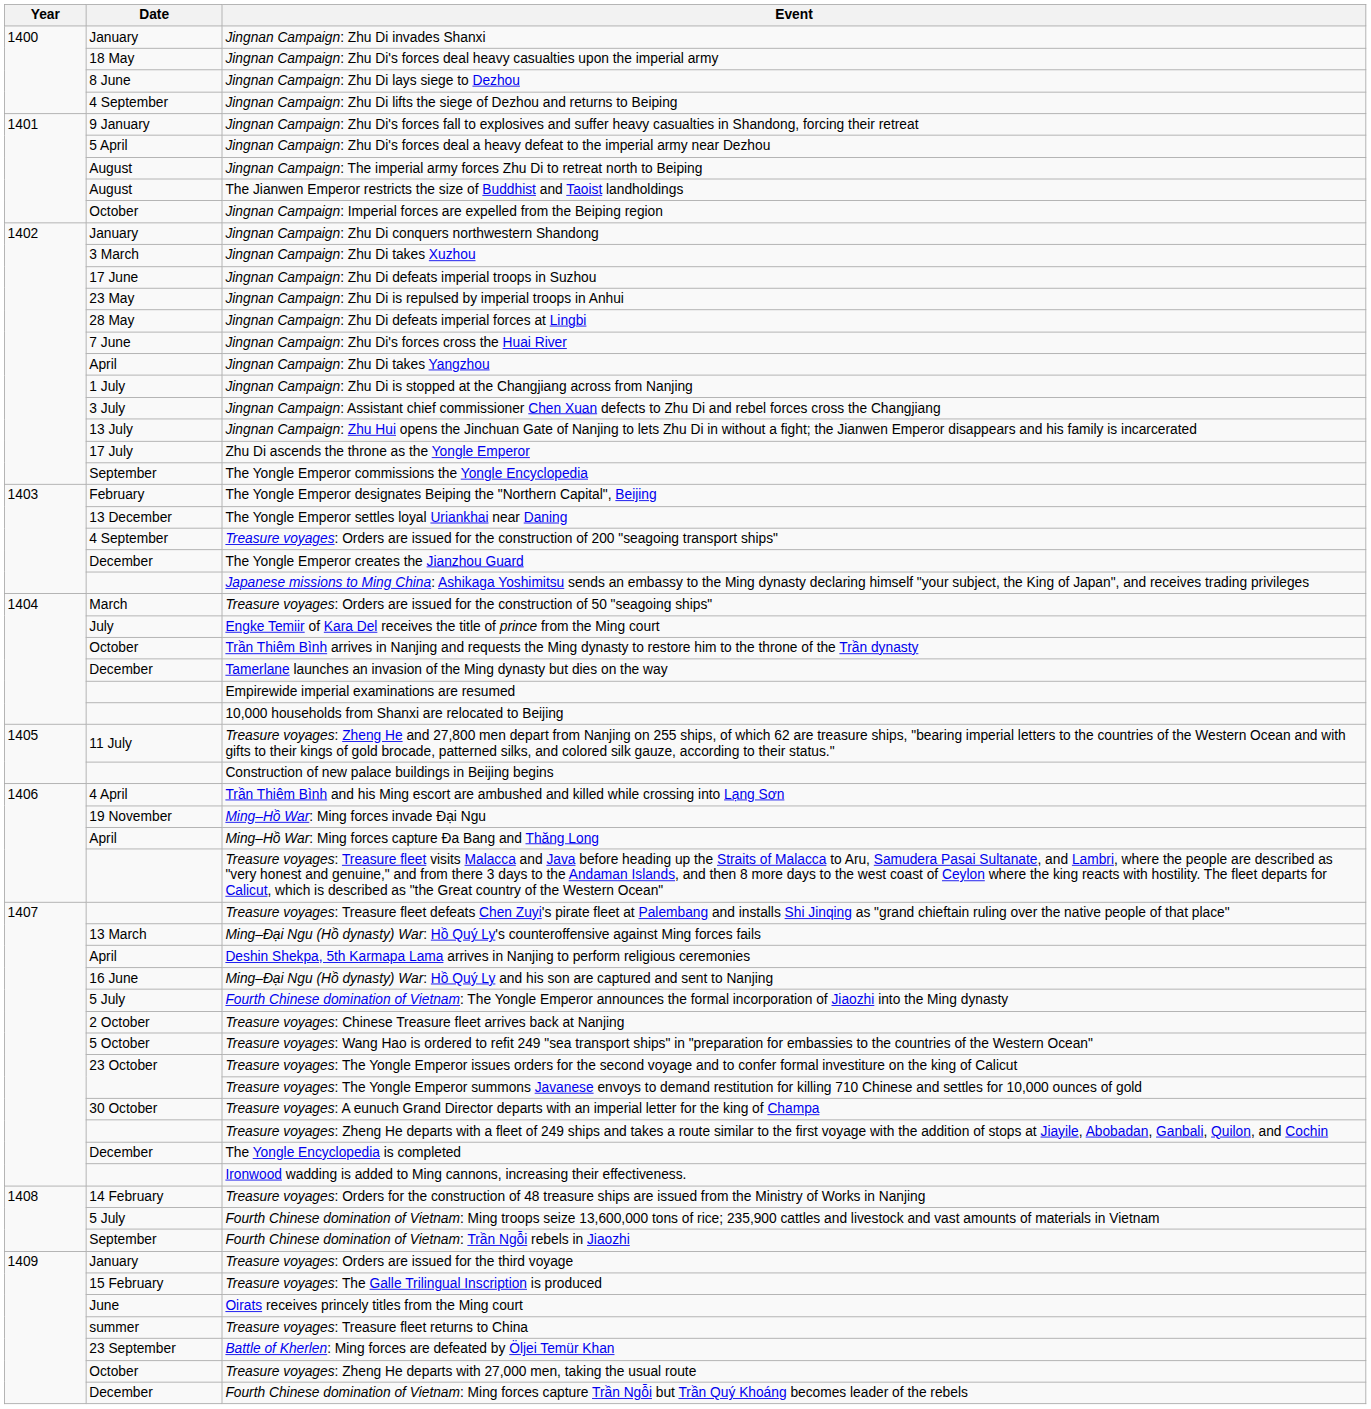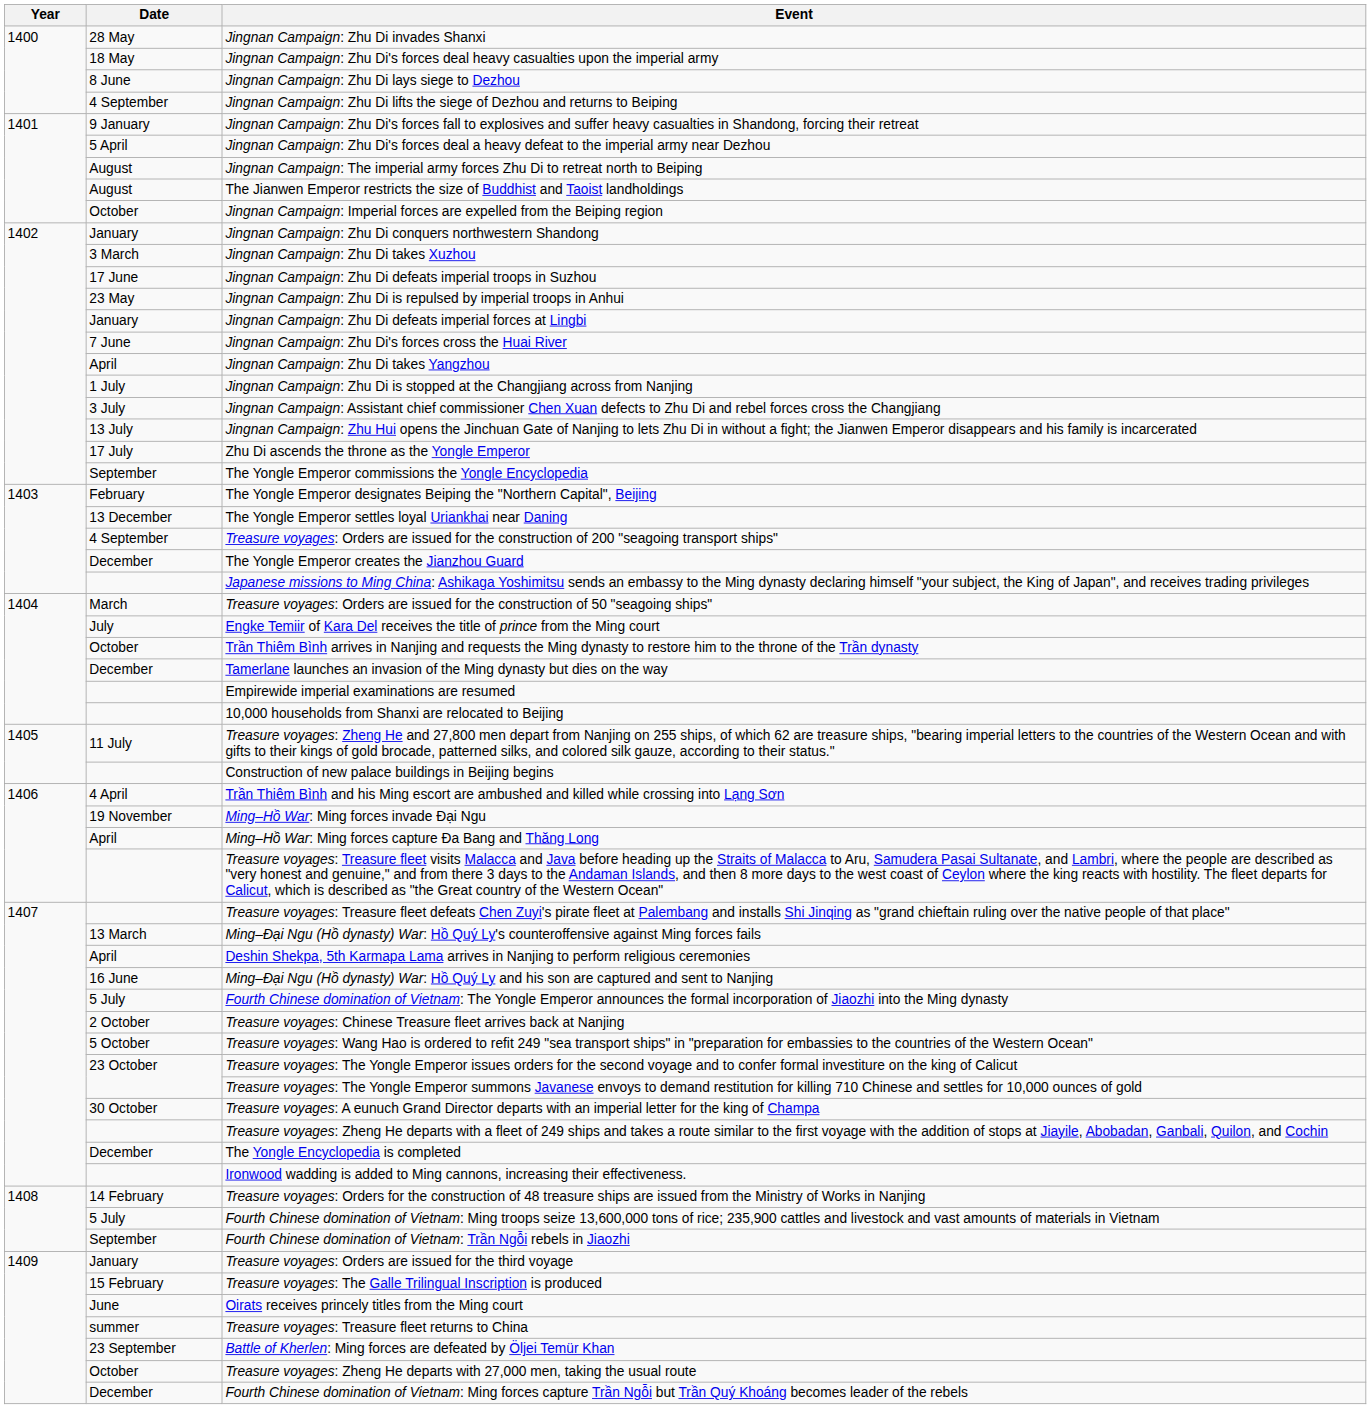 <table class="wikitable" width="100%">
 <tr>
 <th style="width:6%">Year</th>
 <th style="width:10%">Date</th>
 <th>Event</th>
 </tr>
 <tr>
 <td rowspan="4" valign="top">1400</td>
-<td>January</td>
+<td>28 May</td>
 <td><em>Jingnan Campaign</em>: Zhu Di invades Shanxi</td>
 </tr>
 <tr>
 <td>18 May</td>
 <td><em>Jingnan Campaign</em>: Zhu Di's forces deal heavy casualties upon the imperial army</td>
 </tr>
 <tr>
 <td>8 June</td>
 <td><em>Jingnan Campaign</em>: Zhu Di lays siege to <a href='#'>Dezhou</a></td>
 </tr>
 <tr>
 <td>4 September</td>
 <td><em>Jingnan Campaign</em>: Zhu Di lifts the siege of Dezhou and returns to Beiping</td>
 </tr>
 <tr>
 <td rowspan="5" valign="top">1401</td>
 <td>9 January</td>
 <td><em>Jingnan Campaign</em>: Zhu Di's forces fall to explosives and suffer heavy casualties in Shandong, forcing their retreat</td>
 </tr>
 <tr>
 <td>5 April</td>
 <td><em>Jingnan Campaign</em>: Zhu Di's forces deal a heavy defeat to the imperial army near Dezhou</td>
 </tr>
 <tr>
 <td>August</td>
 <td><em>Jingnan Campaign</em>: The imperial army forces Zhu Di to retreat north to Beiping</td>
 </tr>
 <tr>
 <td>August</td>
 <td>The Jianwen Emperor restricts the size of <a href='#'>Buddhist</a> and <a href='#'>Taoist</a> landholdings</td>
 </tr>
 <tr>
 <td>October</td>
 <td><em>Jingnan Campaign</em>: Imperial forces are expelled from the Beiping region</td>
 </tr>
 <tr>
 <td rowspan="12" valign="top">1402</td>
 <td>January</td>
 <td><em>Jingnan Campaign</em>: Zhu Di conquers northwestern Shandong</td>
 </tr>
 <tr>
 <td>3 March</td>
 <td><em>Jingnan Campaign</em>: Zhu Di takes <a href='#'>Xuzhou</a></td>
 </tr>
 <tr>
 <td>17 June</td>
 <td><em>Jingnan Campaign</em>: Zhu Di defeats imperial troops in Suzhou</td>
 </tr>
 <tr>
 <td>23 May</td>
 <td><em>Jingnan Campaign</em>: Zhu Di is repulsed by imperial troops in Anhui</td>
 </tr>
 <tr>
-<td>28 May</td>
+<td>January</td>
 <td><em>Jingnan Campaign</em>: Zhu Di defeats imperial forces at <a href='#'>Lingbi</a></td>
 </tr>
 <tr>
 <td>7 June</td>
 <td><em>Jingnan Campaign</em>: Zhu Di's forces cross the <a href='#'>Huai River</a></td>
 </tr>
 <tr>
 <td>April</td>
 <td><em>Jingnan Campaign</em>: Zhu Di takes <a href='#'>Yangzhou</a></td>
 </tr>
 <tr>
 <td>1 July</td>
 <td><em>Jingnan Campaign</em>: Zhu Di is stopped at the Changjiang across from Nanjing</td>
 </tr>
 <tr>
 <td>3 July</td>
 <td><em>Jingnan Campaign</em>: Assistant chief commissioner <a href='#'>Chen Xuan</a> defects to Zhu Di and rebel forces cross the Changjiang</td>
 </tr>
 <tr>
 <td>13 July</td>
 <td><em>Jingnan Campaign</em>: <a href='#'>Zhu Hui</a> opens the Jinchuan Gate of Nanjing to lets Zhu Di in without a fight; the Jianwen Emperor disappears and his family is incarcerated</td>
 </tr>
 <tr>
 <td>17 July</td>
 <td>Zhu Di ascends the throne as the <a href='#'>Yongle Emperor</a></td>
 </tr>
 <tr>
 <td>September</td>
 <td>The Yongle Emperor commissions the <a href='#'>Yongle Encyclopedia</a></td>
 </tr>
 <tr>
 <td rowspan="5" valign="top">1403</td>
 <td>February</td>
 <td>The Yongle Emperor designates Beiping the "Northern Capital", <a href='#'>Beijing</a></td>
 </tr>
 <tr>
 <td>13 December</td>
 <td>The Yongle Emperor settles loyal <a href='#'>Uriankhai</a> near <a href='#'>Daning</a></td>
 </tr>
 <tr>
 <td>4 September</td>
 <td><em><a href='#'>Treasure voyages</a></em>: Orders are issued for the construction of 200 "seagoing transport ships"</td>
 </tr>
 <tr>
 <td>December</td>
 <td>The Yongle Emperor creates the <a href='#'>Jianzhou Guard</a></td>
 </tr>
 <tr>
 <td></td>
 <td><em><a href='#'>Japanese missions to Ming China</a></em>: <a href='#'>Ashikaga Yoshimitsu</a> sends an embassy to the Ming dynasty declaring himself "your subject, the King of Japan", and receives trading privileges</td>
 </tr>
 <tr>
 <td rowspan="6" valign="top">1404</td>
 <td>March</td>
 <td><em>Treasure voyages</em>: Orders are issued for the construction of 50 "seagoing ships"</td>
 </tr>
 <tr>
 <td>July</td>
 <td><a href='#'>Engke Temiir</a> of <a href='#'>Kara Del</a> receives the title of <em>prince</em> from the Ming court</td>
 </tr>
 <tr>
 <td>October</td>
 <td><a href='#'>Trần Thiêm Bình</a> arrives in Nanjing and requests the Ming dynasty to restore him to the throne of the <a href='#'>Trần dynasty</a></td>
 </tr>
 <tr>
 <td>December</td>
 <td><a href='#'>Tamerlane</a> launches an invasion of the Ming dynasty but dies on the way</td>
 </tr>
 <tr>
 <td></td>
 <td>Empirewide imperial examinations are resumed</td>
 </tr>
 <tr>
 <td></td>
 <td>10,000 households from Shanxi are relocated to Beijing</td>
 </tr>
 <tr>
 <td rowspan="2" valign="top">1405</td>
 <td>11 July</td>
 <td><em>Treasure voyages</em>: <a href='#'>Zheng He</a> and 27,800 men depart from Nanjing on 255 ships, of which 62 are treasure ships, "bearing imperial letters to the countries of the Western Ocean and with gifts to their kings of gold brocade, patterned silks, and colored silk gauze, according to their status."</td>
 </tr>
 <tr>
 <td></td>
 <td>Construction of new palace buildings in Beijing begins</td>
 </tr>
 <tr>
 <td rowspan="4" valign="top">1406</td>
 <td>4 April</td>
 <td><a href='#'>Trần Thiêm Bình</a> and his Ming escort are ambushed and killed while crossing into <a href='#'>Lạng Sơn</a></td>
 </tr>
 <tr>
 <td>19 November</td>
 <td><em><a href='#'>Ming–Hồ War</a></em>: Ming forces invade Đại Ngu</td>
 </tr>
 <tr>
 <td>April</td>
 <td><em>Ming–Hồ War</em>: Ming forces capture Đa Bang and <a href='#'>Thăng Long</a></td>
 </tr>
 <tr>
 <td></td>
 <td><em>Treasure voyages</em>: <a href='#'>Treasure fleet</a> visits <a href='#'>Malacca</a> and <a href='#'>Java</a> before heading up the <a href='#'>Straits of Malacca</a> to Aru, <a href='#'>Samudera Pasai Sultanate</a>, and <a href='#'>Lambri</a>, where the people are described as "very honest and genuine," and from there 3 days to the <a href='#'>Andaman Islands</a>, and then 8 more days to the west coast of <a href='#'>Ceylon</a> where the king reacts with hostility. The fleet departs for <a href='#'>Calicut</a>, which is described as "the Great country of the Western Ocean"</td>
 </tr>
 <tr>
 <td rowspan="13" valign="top">1407</td>
 <td></td>
 <td><em>Treasure voyages</em>: Treasure fleet defeats <a href='#'>Chen Zuyi</a>'s pirate fleet at <a href='#'>Palembang</a> and installs <a href='#'>Shi Jinqing</a> as "grand chieftain ruling over the native people of that place"</td>
 </tr>
 <tr>
 <td>13 March</td>
 <td><em>Ming–Đại Ngu (Hồ dynasty) War</em>: <a href='#'>Hồ Quý Ly</a>'s counteroffensive against Ming forces fails</td>
 </tr>
 <tr>
 <td>April</td>
 <td><a href='#'>Deshin Shekpa, 5th Karmapa Lama</a> arrives in Nanjing to perform religious ceremonies</td>
 </tr>
 <tr>
 <td>16 June</td>
 <td><em>Ming–Đại Ngu (Hồ dynasty) War</em>: <a href='#'>Hồ Quý Ly</a> and his son are captured and sent to Nanjing</td>
 </tr>
 <tr>
 <td>5 July</td>
 <td><em><a href='#'>Fourth Chinese domination of Vietnam</a></em>: The Yongle Emperor announces the formal incorporation of <a href='#'>Jiaozhi</a> into the Ming dynasty</td>
 </tr>
 <tr>
 <td>2 October</td>
 <td><em>Treasure voyages</em>: Chinese Treasure fleet arrives back at Nanjing</td>
 </tr>
 <tr>
 <td>5 October</td>
 <td><em>Treasure voyages</em>: Wang Hao is ordered to refit 249 "sea transport ships" in "preparation for embassies to the countries of the Western Ocean"</td>
 </tr>
 <tr>
 <td rowspan="2" valign="top">23 October</td>
 <td><em>Treasure voyages</em>: The Yongle Emperor issues orders for the second voyage and to confer formal investiture on the king of Calicut</td>
 </tr>
 <tr>
 <td><em>Treasure voyages</em>: The Yongle Emperor summons <a href='#'>Javanese</a> envoys to demand restitution for killing 710 Chinese and settles for 10,000 ounces of gold</td>
 </tr>
 <tr>
 <td>30 October</td>
 <td><em>Treasure voyages</em>: A eunuch Grand Director departs with an imperial letter for the king of <a href='#'>Champa</a></td>
 </tr>
 <tr>
 <td></td>
 <td><em>Treasure voyages</em>: Zheng He departs with a fleet of 249 ships and takes a route similar to the first voyage with the addition of stops at <a href='#'>Jiayile</a>, <a href='#'>Abobadan</a>, <a href='#'>Ganbali</a>, <a href='#'>Quilon</a>, and <a href='#'>Cochin</a></td>
 </tr>
 <tr>
 <td>December</td>
 <td>The <a href='#'>Yongle Encyclopedia</a> is completed</td>
 </tr>
 <tr>
 <td></td>
 <td><a href='#'>Ironwood</a> wadding is added to Ming cannons, increasing their effectiveness.</td>
 </tr>
 <tr>
 <td rowspan="3" valign="top">1408</td>
 <td>14 February</td>
 <td><em>Treasure voyages</em>: Orders for the construction of 48 treasure ships are issued from the Ministry of Works in Nanjing</td>
 </tr>
 <tr>
 <td>5 July</td>
 <td><em>Fourth Chinese domination of Vietnam</em>: Ming troops seize 13,600,000 tons of rice; 235,900 cattles and livestock and vast amounts of materials in Vietnam</td>
 </tr>
 <tr>
 <td>September</td>
 <td><em>Fourth Chinese domination of Vietnam</em>: <a href='#'>Trần Ngỗi</a> rebels in <a href='#'>Jiaozhi</a></td>
 </tr>
 <tr>
 <td rowspan="7" valign="top">1409</td>
 <td>January</td>
 <td><em>Treasure voyages</em>: Orders are issued for the third voyage</td>
 </tr>
 <tr>
 <td>15 February</td>
 <td><em>Treasure voyages</em>: The <a href='#'>Galle Trilingual Inscription</a> is produced</td>
 </tr>
 <tr>
 <td>June</td>
 <td><a href='#'>Oirats</a> receives princely titles from the Ming court</td>
 </tr>
 <tr>
 <td>summer</td>
 <td><em>Treasure voyages</em>: Treasure fleet returns to China</td>
 </tr>
 <tr>
 <td>23 September</td>
 <td><em><a href='#'>Battle of Kherlen</a></em>: Ming forces are defeated by <a href='#'>Öljei Temür Khan</a></td>
 </tr>
 <tr>
 <td>October</td>
 <td><em>Treasure voyages</em>: Zheng He departs with 27,000 men, taking the usual route</td>
 </tr>
 <tr>
 <td>December</td>
 <td><em>Fourth Chinese domination of Vietnam</em>: Ming forces capture <a href='#'>Trần Ngỗi</a> but <a href='#'>Trần Quý Khoáng</a> becomes leader of the rebels</td>
 </tr>
 </table>
